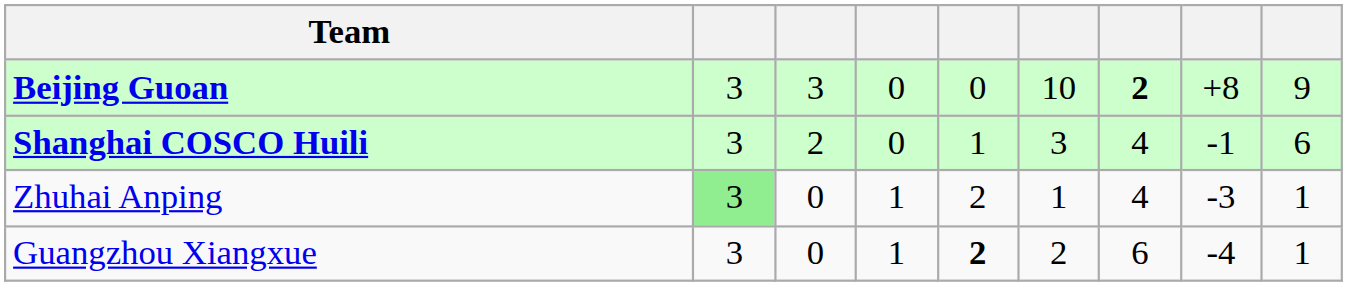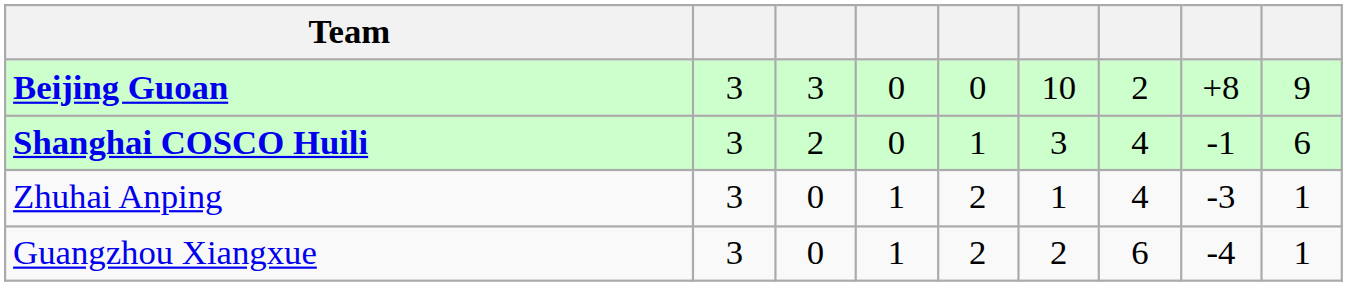 <table class="wikitable" style="text-align:center;">
 <tr>
 <th width=310>Team</th>
 <th width=30></th>
 <th width=30></th>
 <th width=30></th>
 <th width=30></th>
 <th width=30></th>
 <th width=30></th>
 <th width=30></th>
 <th width=30></th>
 </tr>
 <tr bgcolor="#ccffcc">
 <td align="left"><strong><a href='#'>Beijing Guoan</a></strong></td>
 <td>3</td>
 <td>3</td>
 <td>0</td>
 <td>0</td>
 <td>10</td>
-<td><strong>2</strong></td>
+<td>2</td>
 <td>+8</td>
 <td>9</td>
 </tr>
 <tr bgcolor="#ccffcc">
 <td align="left"><strong><a href='#'>Shanghai COSCO Huili</a></strong></td>
 <td>3</td>
 <td>2</td>
 <td>0</td>
 <td>1</td>
 <td>3</td>
 <td>4</td>
 <td>-1</td>
 <td>6</td>
 </tr>
 <tr>
 <td align="left"><a href='#'>Zhuhai Anping</a></td>
-<td style="background: lightgreen;">3</td>
+<td>3</td>
 <td>0</td>
 <td>1</td>
 <td>2</td>
 <td>1</td>
 <td>4</td>
 <td>-3</td>
 <td>1</td>
 </tr>
 <tr>
 <td align="left"><a href='#'>Guangzhou Xiangxue</a></td>
 <td>3</td>
 <td>0</td>
 <td>1</td>
-<td><strong>2</strong></td>
+<td>2</td>
 <td>2</td>
 <td>6</td>
 <td>-4</td>
 <td>1</td>
 </tr>
 </table>
